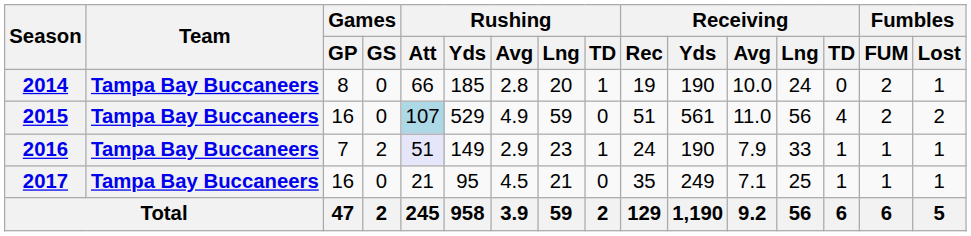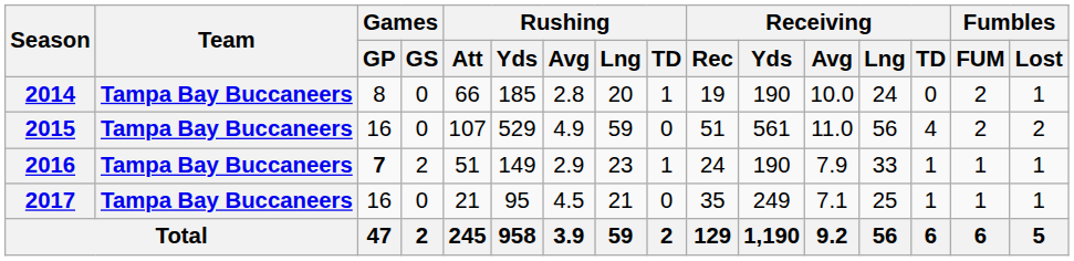 <table class=wikitable style="text-align:center;">
 <tr>
 <th rowspan=2>Season</th>
 <th rowspan=2>Team</th>
 <th colspan=2>Games</th>
 <th colspan=5>Rushing</th>
 <th colspan=5>Receiving</th>
 <th colspan=2>Fumbles</th>
 </tr>
 <tr>
 <th>GP</th>
 <th>GS</th>
 <th>Att</th>
 <th>Yds</th>
 <th>Avg</th>
 <th>Lng</th>
 <th>TD</th>
 <th>Rec</th>
 <th>Yds</th>
 <th>Avg</th>
 <th>Lng</th>
 <th>TD</th>
 <th>FUM</th>
 <th>Lost</th>
 </tr>
 <tr>
 <th><a href='#'>2014</a></th>
 <th><a href='#'>Tampa Bay Buccaneers</a></th>
 <td>8</td>
 <td>0</td>
 <td>66</td>
 <td>185</td>
 <td>2.8</td>
 <td>20</td>
 <td>1</td>
 <td>19</td>
 <td>190</td>
 <td>10.0</td>
 <td>24</td>
 <td>0</td>
 <td>2</td>
 <td>1</td>
 </tr>
 <tr>
 <th><a href='#'>2015</a></th>
 <th><a href='#'>Tampa Bay Buccaneers</a></th>
 <td>16</td>
 <td>0</td>
-<td style="background: lightblue;">107</td>
+<td>107</td>
 <td>529</td>
 <td>4.9</td>
 <td>59</td>
 <td>0</td>
 <td>51</td>
 <td>561</td>
 <td>11.0</td>
 <td>56</td>
 <td>4</td>
 <td>2</td>
 <td>2</td>
 </tr>
 <tr>
 <th><a href='#'>2016</a></th>
 <th><a href='#'>Tampa Bay Buccaneers</a></th>
-<td>7</td>
+<td><strong>7</strong></td>
 <td>2</td>
-<td style="background: lavender;">51</td>
+<td>51</td>
 <td>149</td>
 <td>2.9</td>
 <td>23</td>
 <td>1</td>
 <td>24</td>
 <td>190</td>
 <td>7.9</td>
 <td>33</td>
 <td>1</td>
 <td>1</td>
 <td>1</td>
 </tr>
 <tr>
 <th><a href='#'>2017</a></th>
 <th><a href='#'>Tampa Bay Buccaneers</a></th>
 <td>16</td>
 <td>0</td>
 <td>21</td>
 <td>95</td>
 <td>4.5</td>
 <td>21</td>
 <td>0</td>
 <td>35</td>
 <td>249</td>
 <td>7.1</td>
 <td>25</td>
 <td>1</td>
 <td>1</td>
 <td>1</td>
 </tr>
 <tr>
 <th colspan="2">Total</th>
 <th>47</th>
 <th>2</th>
 <th>245</th>
 <th>958</th>
 <th>3.9</th>
 <th>59</th>
 <th>2</th>
 <th>129</th>
 <th>1,190</th>
 <th>9.2</th>
 <th>56</th>
 <th>6</th>
 <th>6</th>
 <th>5</th>
 </tr>
 </table>
